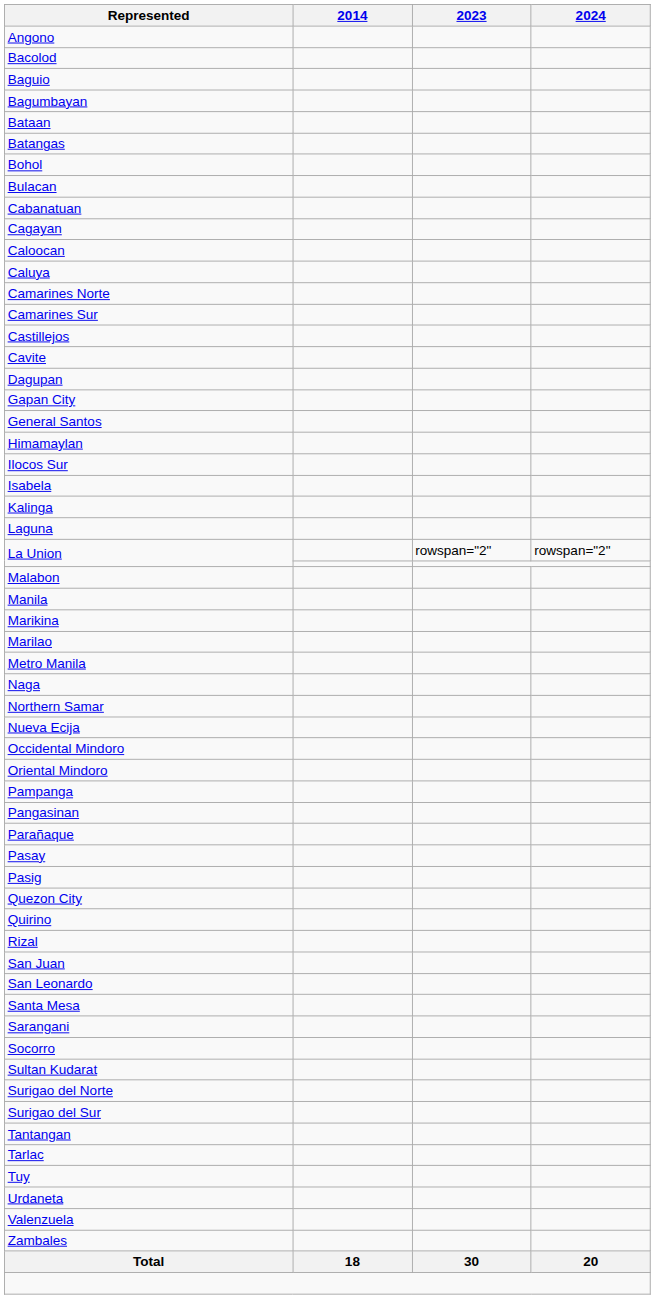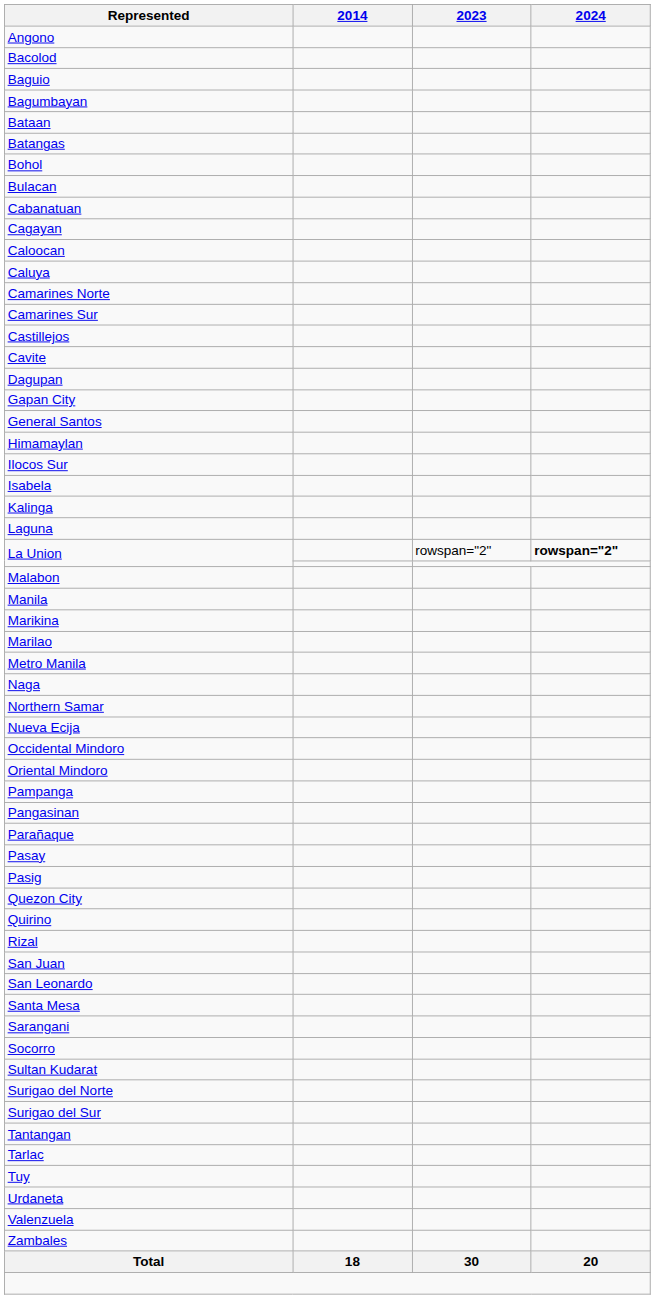 <table class="wikitable sortable" style="font-size: 90%;">
 <tr>
 <th width=300>Represented</th>
 <th width=120><a href='#'>2014</a></th>
 <th width=120><a href='#'>2023</a></th>
 <th width=120><a href='#'>2024</a></th>
 </tr>
 <tr>
 <td><a href='#'>Angono</a></td>
 <td></td>
 <td></td>
 <td></td>
 </tr>
 <tr>
 <td><a href='#'>Bacolod</a></td>
 <td></td>
 <td></td>
 <td></td>
 </tr>
 <tr>
 <td><a href='#'>Baguio</a></td>
 <td></td>
 <td></td>
 <td></td>
 </tr>
 <tr>
 <td><a href='#'>Bagumbayan</a></td>
 <td></td>
 <td></td>
 <td></td>
 </tr>
 <tr>
 <td><a href='#'>Bataan</a></td>
 <td></td>
 <td></td>
 <td></td>
 </tr>
 <tr>
 <td><a href='#'>Batangas</a></td>
 <td></td>
 <td></td>
 <td></td>
 </tr>
 <tr>
 <td><a href='#'>Bohol</a></td>
 <td></td>
 <td></td>
 <td></td>
 </tr>
 <tr>
 <td><a href='#'>Bulacan</a></td>
 <td></td>
 <td></td>
 <td></td>
 </tr>
 <tr>
 <td><a href='#'>Cabanatuan</a></td>
 <td></td>
 <td></td>
 <td></td>
 </tr>
 <tr>
 <td><a href='#'>Cagayan</a></td>
 <td></td>
 <td></td>
 <td></td>
 </tr>
 <tr>
 <td><a href='#'>Caloocan</a></td>
 <td></td>
 <td></td>
 <td></td>
 </tr>
 <tr>
 <td><a href='#'>Caluya</a></td>
 <td></td>
 <td></td>
 <td></td>
 </tr>
 <tr>
 <td><a href='#'>Camarines Norte</a></td>
 <td></td>
 <td></td>
 <td></td>
 </tr>
 <tr>
 <td><a href='#'>Camarines Sur</a></td>
 <td></td>
 <td></td>
 <td></td>
 </tr>
 <tr>
 <td><a href='#'>Castillejos</a></td>
 <td></td>
 <td></td>
 <td></td>
 </tr>
 <tr>
 <td><a href='#'>Cavite</a></td>
 <td></td>
 <td></td>
 <td></td>
 </tr>
 <tr>
 <td><a href='#'>Dagupan</a></td>
 <td></td>
 <td></td>
 <td></td>
 </tr>
 <tr>
 <td><a href='#'>Gapan City</a></td>
 <td></td>
 <td></td>
 <td></td>
 </tr>
 <tr>
 <td><a href='#'>General Santos</a></td>
 <td></td>
 <td></td>
 <td></td>
 </tr>
 <tr>
 <td><a href='#'>Himamaylan</a></td>
 <td></td>
 <td></td>
 <td></td>
 </tr>
 <tr>
 <td><a href='#'>Ilocos Sur</a></td>
 <td></td>
 <td></td>
 <td></td>
 </tr>
 <tr>
 <td><a href='#'>Isabela</a></td>
 <td></td>
 <td></td>
 <td></td>
 </tr>
 <tr>
 <td><a href='#'>Kalinga</a></td>
 <td></td>
 <td></td>
 <td></td>
 </tr>
 <tr>
 <td><a href='#'>Laguna</a></td>
 <td></td>
 <td></td>
 <td></td>
 </tr>
 <tr>
 <td rowspan="2"><a href='#'>La Union</a></td>
 <td></td>
 <td>rowspan="2" </td>
-<td>rowspan="2" </td>
+<td><strong>rowspan="2" </strong></td>
 </tr>
 <tr>
 <td></td>
 </tr>
 <tr>
 <td><a href='#'>Malabon</a></td>
 <td></td>
 <td></td>
 <td></td>
 </tr>
 <tr>
 <td><a href='#'>Manila</a></td>
 <td></td>
 <td></td>
 <td></td>
 </tr>
 <tr>
 <td><a href='#'>Marikina</a></td>
 <td></td>
 <td></td>
 <td></td>
 </tr>
 <tr>
 <td><a href='#'>Marilao</a></td>
 <td></td>
 <td></td>
 <td></td>
 </tr>
 <tr>
 <td><a href='#'>Metro Manila</a></td>
 <td></td>
 <td></td>
 <td></td>
 </tr>
 <tr>
 <td><a href='#'>Naga</a></td>
 <td></td>
 <td></td>
 <td></td>
 </tr>
 <tr>
 <td><a href='#'>Northern Samar</a></td>
 <td></td>
 <td></td>
 <td></td>
 </tr>
 <tr>
 <td><a href='#'>Nueva Ecija</a></td>
 <td></td>
 <td></td>
 <td></td>
 </tr>
 <tr>
 <td><a href='#'>Occidental Mindoro</a></td>
 <td></td>
 <td></td>
 <td></td>
 </tr>
 <tr>
 <td><a href='#'>Oriental Mindoro</a></td>
 <td></td>
 <td></td>
 <td></td>
 </tr>
 <tr>
 <td><a href='#'>Pampanga</a></td>
 <td></td>
 <td></td>
 <td></td>
 </tr>
 <tr>
 <td><a href='#'>Pangasinan</a></td>
 <td></td>
 <td></td>
 <td></td>
 </tr>
 <tr>
 <td><a href='#'>Parañaque</a></td>
 <td></td>
 <td></td>
 <td></td>
 </tr>
 <tr>
 <td><a href='#'>Pasay</a></td>
 <td></td>
 <td></td>
 <td></td>
 </tr>
 <tr>
 <td><a href='#'>Pasig</a></td>
 <td></td>
 <td></td>
 <td></td>
 </tr>
 <tr>
 <td><a href='#'>Quezon City</a></td>
 <td></td>
 <td></td>
 <td></td>
 </tr>
 <tr>
 <td><a href='#'>Quirino</a></td>
 <td></td>
 <td></td>
 <td></td>
 </tr>
 <tr>
 <td><a href='#'>Rizal</a></td>
 <td></td>
 <td></td>
 <td></td>
 </tr>
 <tr>
 <td><a href='#'>San Juan</a></td>
 <td></td>
 <td></td>
 <td></td>
 </tr>
 <tr>
 <td><a href='#'>San Leonardo</a></td>
 <td></td>
 <td></td>
 <td></td>
 </tr>
 <tr>
 <td><a href='#'>Santa Mesa</a></td>
 <td></td>
 <td></td>
 <td></td>
 </tr>
 <tr>
 <td><a href='#'>Sarangani</a></td>
 <td></td>
 <td></td>
 <td></td>
 </tr>
 <tr>
 <td><a href='#'>Socorro</a></td>
 <td></td>
 <td></td>
 <td></td>
 </tr>
 <tr>
 <td><a href='#'>Sultan Kudarat</a></td>
 <td></td>
 <td></td>
 <td></td>
 </tr>
 <tr>
 <td><a href='#'>Surigao del Norte</a></td>
 <td></td>
 <td></td>
 <td></td>
 </tr>
 <tr>
 <td><a href='#'>Surigao del Sur</a></td>
 <td></td>
 <td></td>
 <td></td>
 </tr>
 <tr>
 <td><a href='#'>Tantangan</a></td>
 <td></td>
 <td></td>
 <td></td>
 </tr>
 <tr>
 <td><a href='#'>Tarlac</a></td>
 <td></td>
 <td></td>
 <td></td>
 </tr>
 <tr>
 <td><a href='#'>Tuy</a></td>
 <td></td>
 <td></td>
 <td></td>
 </tr>
 <tr>
 <td><a href='#'>Urdaneta</a></td>
 <td></td>
 <td></td>
 <td></td>
 </tr>
 <tr>
 <td><a href='#'>Valenzuela</a></td>
 <td></td>
 <td></td>
 <td></td>
 </tr>
 <tr>
 <td><a href='#'>Zambales</a></td>
 <td></td>
 <td></td>
 <td></td>
 </tr>
 <tr>
 <th>Total</th>
 <th>18</th>
 <th>30</th>
 <th>20</th>
 </tr>
 <tr>
 <td colspan="9" align=left><br></td>
 </tr>
 </table>
